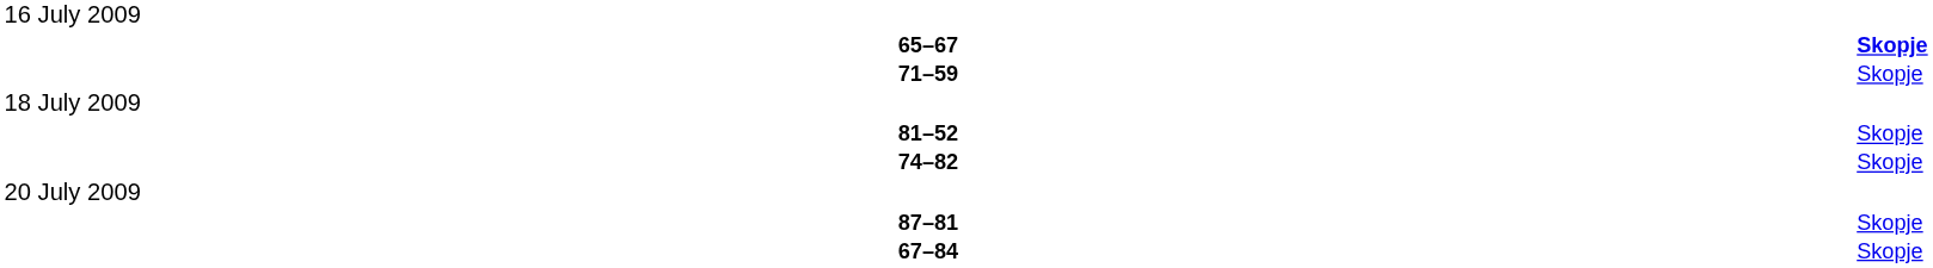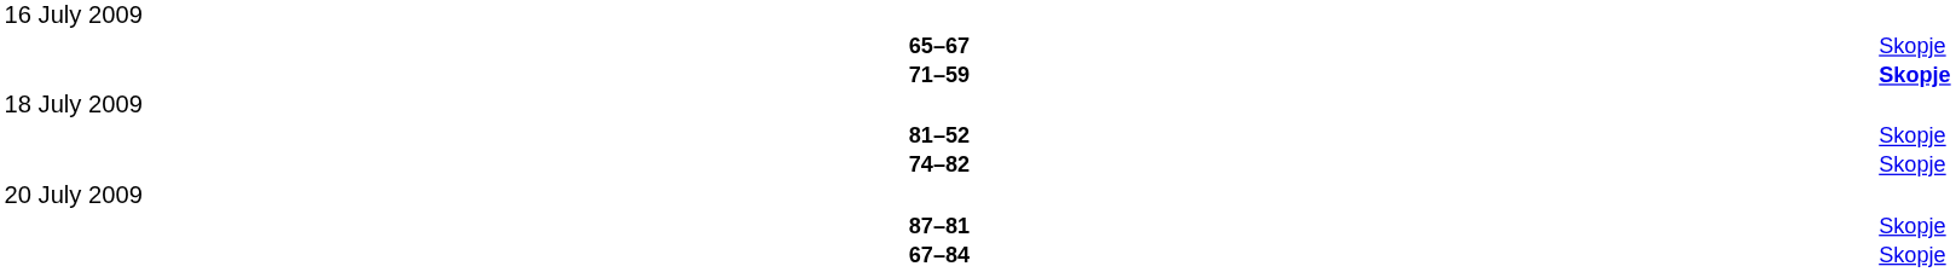 <table style="width:100%;" cellspacing="1">
 <tr>
 <th width=25%></th>
 <th width=3%></th>
 <th width=6%></th>
 <th width=3%></th>
 <th width=25%></th>
 </tr>
 <tr>
 <td>16 July 2009</td>
 </tr>
 <tr style=font-size:90%>
 <td align=right><strong></strong></td>
 <td></td>
 <td align=center><strong>65–67</strong></td>
 <td></td>
 <td><strong></strong></td>
-<td><strong><a href='#'>Skopje</a></strong></td>
+<td><a href='#'>Skopje</a></td>
 </tr>
 <tr style=font-size:90%>
 <td align=right><strong></strong></td>
 <td></td>
 <td align=center><strong>71–59</strong></td>
 <td></td>
 <td><strong></strong></td>
-<td><a href='#'>Skopje</a></td>
+<td><strong><a href='#'>Skopje</a></strong></td>
 </tr>
 <tr>
 <td>18 July 2009</td>
 </tr>
 <tr style=font-size:90%>
 <td align=right><strong></strong></td>
 <td></td>
 <td align=center><strong>81–52</strong></td>
 <td></td>
 <td><strong></strong></td>
 <td><a href='#'>Skopje</a></td>
 </tr>
 <tr style=font-size:90%>
 <td align=right><strong></strong></td>
 <td></td>
 <td align=center><strong>74–82</strong></td>
 <td></td>
 <td><strong></strong></td>
 <td><a href='#'>Skopje</a></td>
 </tr>
 <tr>
 <td>20 July 2009</td>
 </tr>
 <tr style=font-size:90%>
 <td align=right><strong></strong></td>
 <td></td>
 <td align=center><strong>87–81</strong></td>
 <td></td>
 <td><strong></strong></td>
 <td><a href='#'>Skopje</a></td>
 </tr>
 <tr style=font-size:90%>
 <td align=right><strong></strong></td>
 <td></td>
 <td align=center><strong>67–84</strong></td>
 <td></td>
 <td><strong></strong></td>
 <td><a href='#'>Skopje</a></td>
 </tr>
 </table>
